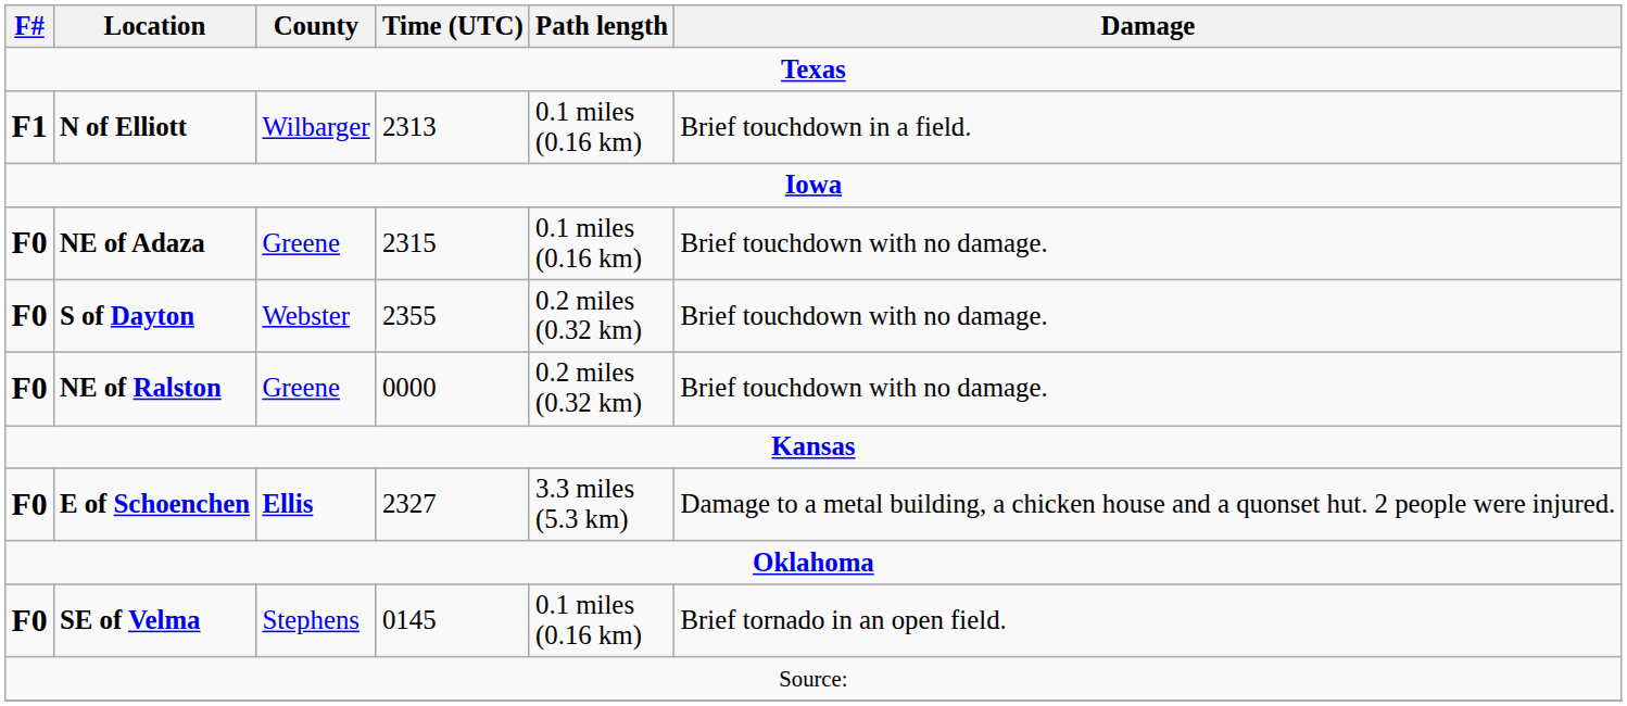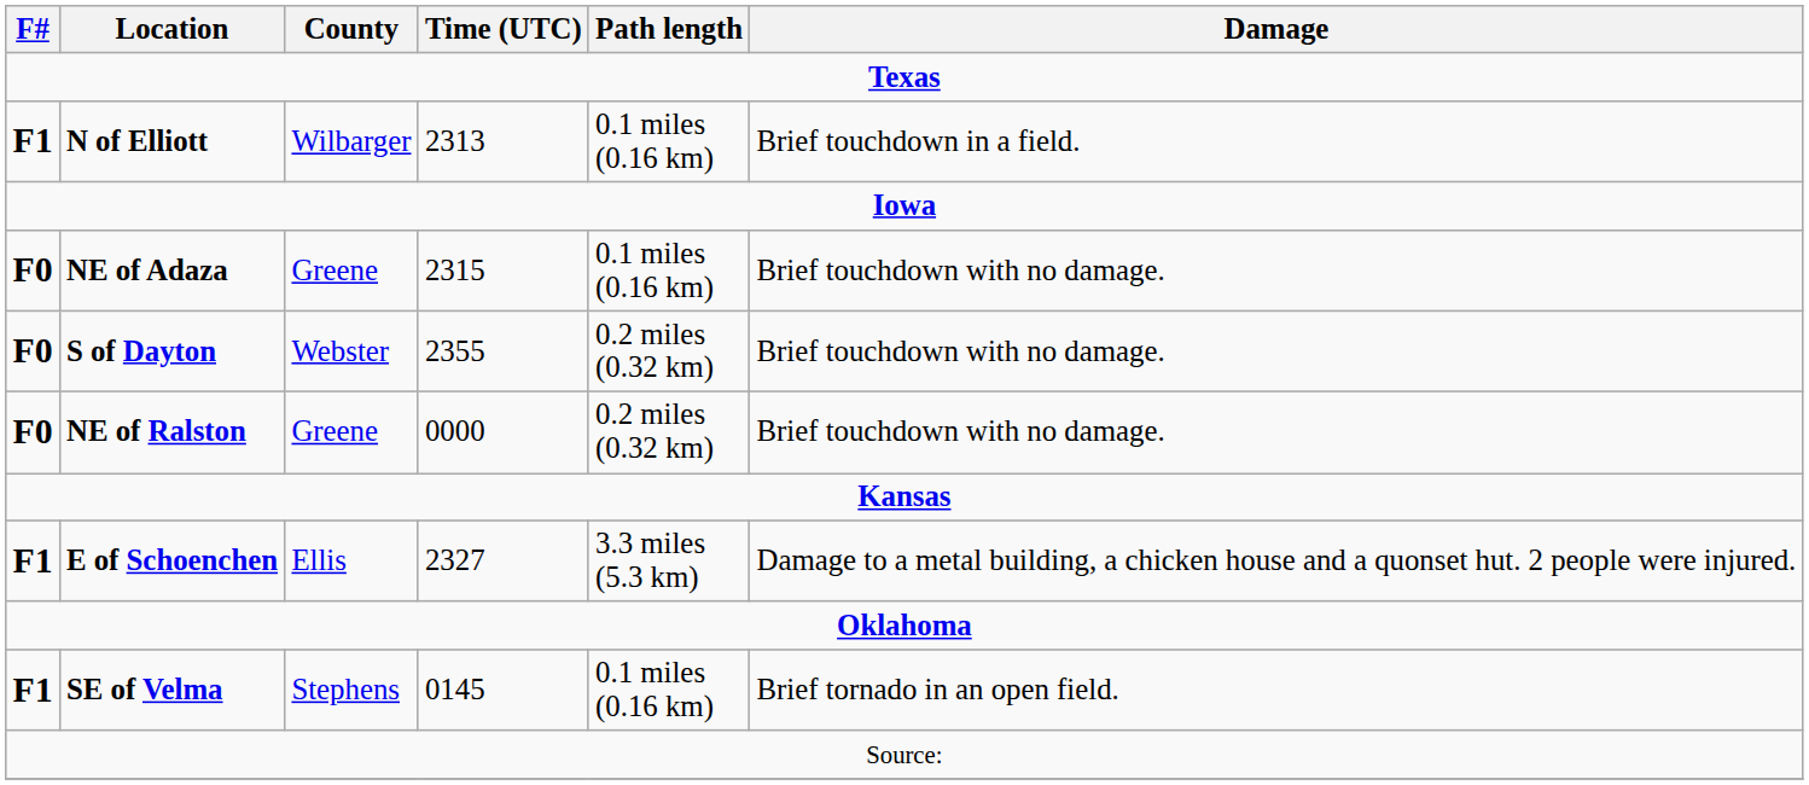 <table class="wikitable">
 <tr>
 <th><strong><a href='#'>F#</a></strong></th>
 <th><strong>Location</strong></th>
 <th><strong>County</strong></th>
 <th><strong>Time (UTC)</strong></th>
 <th><strong>Path length</strong></th>
 <th><strong>Damage</strong></th>
 </tr>
 <tr>
 <td colspan="7" align=center><strong><a href='#'>Texas</a></strong></td>
 </tr>
 <tr>
 <td><big><strong>F1</strong></big></td>
 <td><strong>N of Elliott</strong></td>
 <td><a href='#'>Wilbarger</a></td>
 <td>2313</td>
 <td>0.1 miles <br>(0.16 km)</td>
 <td>Brief touchdown in a field.</td>
 </tr>
 <tr>
 <td colspan="7" align=center><strong><a href='#'>Iowa</a></strong></td>
 </tr>
 <tr>
 <td><big><strong>F0</strong></big></td>
 <td><strong>NE of Adaza</strong></td>
 <td><a href='#'>Greene</a></td>
 <td>2315</td>
 <td>0.1 miles <br>(0.16 km)</td>
 <td>Brief touchdown with no damage.</td>
 </tr>
 <tr>
 <td><big><strong>F0</strong></big></td>
 <td><strong>S of <a href='#'>Dayton</a></strong></td>
 <td><a href='#'>Webster</a></td>
 <td>2355</td>
 <td>0.2 miles <br>(0.32 km)</td>
 <td>Brief touchdown with no damage.</td>
 </tr>
 <tr>
 <td><big><strong>F0</strong></big></td>
 <td><strong>NE of <a href='#'>Ralston</a></strong></td>
 <td><a href='#'>Greene</a></td>
 <td>0000</td>
 <td>0.2 miles <br>(0.32 km)</td>
 <td>Brief touchdown with no damage.</td>
 </tr>
 <tr>
 <td colspan="7" align=center><strong><a href='#'>Kansas</a></strong></td>
 </tr>
 <tr>
-<td><big><strong>F0</strong></big></td>
+<td><big><strong>F1</strong></big></td>
 <td><strong>E of <a href='#'>Schoenchen</a></strong></td>
-<td><strong><a href='#'>Ellis</a></strong></td>
+<td><a href='#'>Ellis</a></td>
 <td>2327</td>
 <td>3.3 miles <br>(5.3 km)</td>
 <td>Damage to a metal building, a chicken house and a quonset hut. 2 people were injured.</td>
 </tr>
 <tr>
 <td colspan="7" align=center><strong><a href='#'>Oklahoma</a></strong></td>
 </tr>
 <tr>
-<td><big><strong>F0</strong></big></td>
+<td><big><strong>F1</strong></big></td>
 <td><strong>SE of <a href='#'>Velma</a></strong></td>
 <td><a href='#'>Stephens</a></td>
 <td>0145</td>
 <td>0.1 miles <br>(0.16 km)</td>
 <td>Brief tornado in an open field.</td>
 </tr>
 <tr>
 <td colspan="7" align=center><small>Source: </small></td>
 </tr>
 <tr>
 </tr>
 </table>
